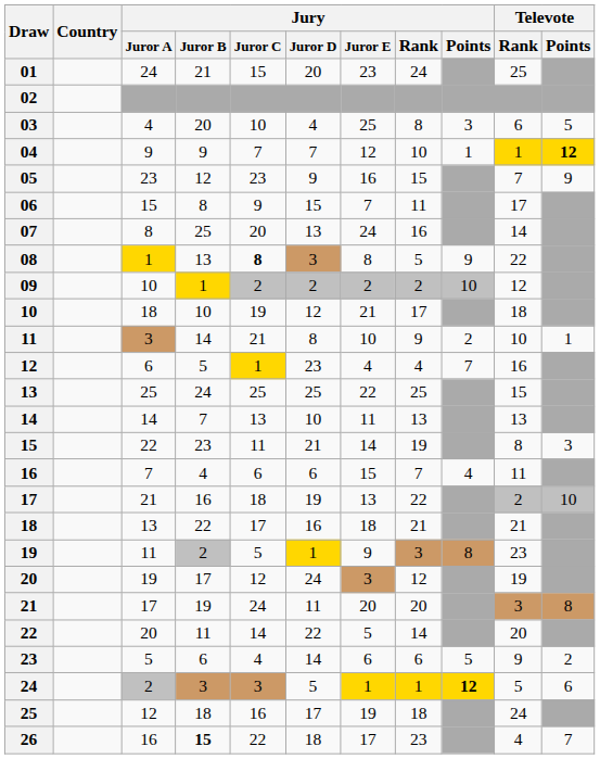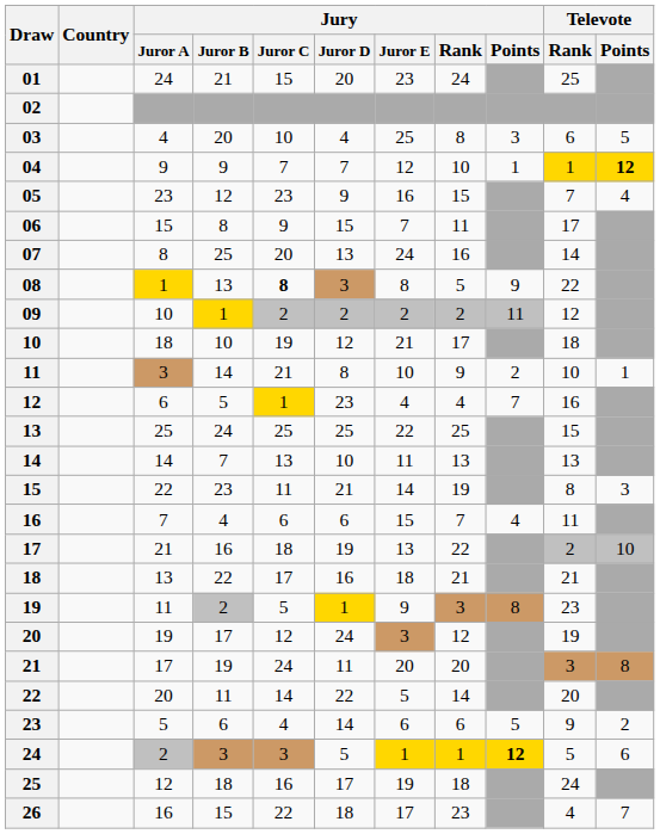 <table class="sortable wikitable collapsible plainrowheaders" style="text-align:center;">
 <tr>
 </tr>
 <tr>
 <th scope="col" rowspan="2">Draw</th>
 <th scope="col" rowspan="2">Country</th>
 <th scope="col" colspan="7">Jury</th>
 <th scope="col" colspan="2">Televote</th>
 </tr>
 <tr>
 <th scope="col"><small>Juror A</small></th>
 <th scope="col"><small>Juror B</small></th>
 <th scope="col"><small>Juror C</small></th>
 <th scope="col"><small>Juror D</small></th>
 <th scope="col"><small>Juror E</small></th>
 <th scope="col">Rank</th>
 <th scope="col" class="unsortable">Points</th>
 <th scope="col">Rank</th>
 <th scope="col" class="unsortable">Points</th>
 </tr>
 <tr>
 <th scope="row" style="text-align:center;">01</th>
 <td style="text-align:left;"></td>
 <td>24</td>
 <td>21</td>
 <td>15</td>
 <td>20</td>
 <td>23</td>
 <td>24</td>
 <td style="background:#AAAAAA;"></td>
 <td>25</td>
 <td style="background:#AAAAAA;"></td>
 </tr>
 <tr class=sortbottom>
 <th scope="row" style="text-align:center;">02</th>
 <td style="text-align:left;"></td>
 <td style="background:#AAAAAA;"></td>
 <td style="background:#AAAAAA;"></td>
 <td style="background:#AAAAAA;"></td>
 <td style="background:#AAAAAA;"></td>
 <td style="background:#AAAAAA;"></td>
 <td style="background:#AAAAAA;"></td>
 <td style="background:#AAAAAA;"></td>
 <td style="background:#AAAAAA;"></td>
 <td style="background:#AAAAAA;"></td>
 </tr>
 <tr>
 <th scope="row" style="text-align:center;">03</th>
 <td style="text-align:left;"></td>
 <td>4</td>
 <td>20</td>
 <td>10</td>
 <td>4</td>
 <td>25</td>
 <td>8</td>
 <td>3</td>
 <td>6</td>
 <td>5</td>
 </tr>
 <tr>
 <th scope="row" style="text-align:center;">04</th>
 <td style="text-align:left;"></td>
 <td>9</td>
 <td>9</td>
 <td>7</td>
 <td>7</td>
 <td>12</td>
 <td>10</td>
 <td>1</td>
 <td style="background:gold;">1</td>
 <td style="background:gold;"><strong>12</strong></td>
 </tr>
 <tr>
 <th scope="row" style="text-align:center;">05</th>
 <td style="text-align:left;"></td>
 <td>23</td>
 <td>12</td>
 <td>23</td>
 <td>9</td>
 <td>16</td>
 <td>15</td>
 <td style="background:#AAAAAA;"></td>
 <td>7</td>
-<td>9</td>
+<td>4</td>
 </tr>
 <tr>
 <th scope="row" style="text-align:center;">06</th>
 <td style="text-align:left;"></td>
 <td>15</td>
 <td>8</td>
 <td>9</td>
 <td>15</td>
 <td>7</td>
 <td>11</td>
 <td style="background:#AAAAAA;"></td>
 <td>17</td>
 <td style="background:#AAAAAA;"></td>
 </tr>
 <tr>
 <th scope="row" style="text-align:center;">07</th>
 <td style="text-align:left;"></td>
 <td>8</td>
 <td>25</td>
 <td>20</td>
 <td>13</td>
 <td>24</td>
 <td>16</td>
 <td style="background:#AAAAAA;"></td>
 <td>14</td>
 <td style="background:#AAAAAA;"></td>
 </tr>
 <tr>
 <th scope="row" style="text-align:center;">08</th>
 <td style="text-align:left;"></td>
 <td style="background:gold;">1</td>
 <td>13</td>
 <td><strong>8</strong></td>
 <td style="background:#CC9966;">3</td>
 <td>8</td>
 <td>5</td>
 <td>9</td>
 <td>22</td>
 <td style="background:#AAAAAA;"></td>
 </tr>
 <tr>
 <th scope="row" style="text-align:center;">09</th>
 <td style="text-align:left;"></td>
 <td>10</td>
 <td style="background:gold;">1</td>
 <td style="background:silver;">2</td>
 <td style="background:silver;">2</td>
 <td style="background:silver;">2</td>
 <td style="background:silver;">2</td>
-<td style="background:silver;">10</td>
+<td style="background:silver;">11</td>
 <td>12</td>
 <td style="background:#AAAAAA;"></td>
 </tr>
 <tr>
 <th scope="row" style="text-align:center;">10</th>
 <td style="text-align:left;"></td>
 <td>18</td>
 <td>10</td>
 <td>19</td>
 <td>12</td>
 <td>21</td>
 <td>17</td>
 <td style="background:#AAAAAA;"></td>
 <td>18</td>
 <td style="background:#AAAAAA;"></td>
 </tr>
 <tr>
 <th scope="row" style="text-align:center;">11</th>
 <td style="text-align:left;"></td>
 <td style="background:#CC9966;">3</td>
 <td>14</td>
 <td>21</td>
 <td>8</td>
 <td>10</td>
 <td>9</td>
 <td>2</td>
 <td>10</td>
 <td>1</td>
 </tr>
 <tr>
 <th scope="row" style="text-align:center;">12</th>
 <td style="text-align:left;"></td>
 <td>6</td>
 <td>5</td>
 <td style="background:gold;">1</td>
 <td>23</td>
 <td>4</td>
 <td>4</td>
 <td>7</td>
 <td>16</td>
 <td style="background:#AAAAAA;"></td>
 </tr>
 <tr>
 <th scope="row" style="text-align:center;">13</th>
 <td style="text-align:left;"></td>
 <td>25</td>
 <td>24</td>
 <td>25</td>
 <td>25</td>
 <td>22</td>
 <td>25</td>
 <td style="background:#AAAAAA;"></td>
 <td>15</td>
 <td style="background:#AAAAAA;"></td>
 </tr>
 <tr>
 <th scope="row" style="text-align:center;">14</th>
 <td style="text-align:left;"></td>
 <td>14</td>
 <td>7</td>
 <td>13</td>
 <td>10</td>
 <td>11</td>
 <td>13</td>
 <td style="background:#AAAAAA;"></td>
 <td>13</td>
 <td style="background:#AAAAAA;"></td>
 </tr>
 <tr>
 <th scope="row" style="text-align:center;">15</th>
 <td style="text-align:left;"></td>
 <td>22</td>
 <td>23</td>
 <td>11</td>
 <td>21</td>
 <td>14</td>
 <td>19</td>
 <td style="background:#AAAAAA;"></td>
 <td>8</td>
 <td>3</td>
 </tr>
 <tr>
 <th scope="row" style="text-align:center;">16</th>
 <td style="text-align:left;"></td>
 <td>7</td>
 <td>4</td>
 <td>6</td>
 <td>6</td>
 <td>15</td>
 <td>7</td>
 <td>4</td>
 <td>11</td>
 <td style="background:#AAAAAA;"></td>
 </tr>
 <tr>
 <th scope="row" style="text-align:center;">17</th>
 <td style="text-align:left;"></td>
 <td>21</td>
 <td>16</td>
 <td>18</td>
 <td>19</td>
 <td>13</td>
 <td>22</td>
 <td style="background:#AAAAAA;"></td>
 <td style="background:silver;">2</td>
 <td style="background:silver;">10</td>
 </tr>
 <tr>
 <th scope="row" style="text-align:center;">18</th>
 <td style="text-align:left;"></td>
 <td>13</td>
 <td>22</td>
 <td>17</td>
 <td>16</td>
 <td>18</td>
 <td>21</td>
 <td style="background:#AAAAAA;"></td>
 <td>21</td>
 <td style="background:#AAAAAA;"></td>
 </tr>
 <tr>
 <th scope="row" style="text-align:center;">19</th>
 <td style="text-align:left;"></td>
 <td>11</td>
 <td style="background:silver;">2</td>
 <td>5</td>
 <td style="background:gold;">1</td>
 <td>9</td>
 <td style="background:#CC9966;">3</td>
 <td style="background:#CC9966;">8</td>
 <td>23</td>
 <td style="background:#AAAAAA;"></td>
 </tr>
 <tr>
 <th scope="row" style="text-align:center;">20</th>
 <td style="text-align:left;"></td>
 <td>19</td>
 <td>17</td>
 <td>12</td>
 <td>24</td>
 <td style="background:#CC9966;">3</td>
 <td>12</td>
 <td style="background:#AAAAAA;"></td>
 <td>19</td>
 <td style="background:#AAAAAA;"></td>
 </tr>
 <tr>
 <th scope="row" style="text-align:center;">21</th>
 <td style="text-align:left;"></td>
 <td>17</td>
 <td>19</td>
 <td>24</td>
 <td>11</td>
 <td>20</td>
 <td>20</td>
 <td style="background:#AAAAAA;"></td>
 <td style="background:#CC9966;">3</td>
 <td style="background:#CC9966;">8</td>
 </tr>
 <tr>
 <th scope="row" style="text-align:center;">22</th>
 <td style="text-align:left;"></td>
 <td>20</td>
 <td>11</td>
 <td>14</td>
 <td>22</td>
 <td>5</td>
 <td>14</td>
 <td style="background:#AAAAAA;"></td>
 <td>20</td>
 <td style="background:#AAAAAA;"></td>
 </tr>
 <tr>
 <th scope="row" style="text-align:center;">23</th>
 <td style="text-align:left;"></td>
 <td>5</td>
 <td>6</td>
 <td>4</td>
 <td>14</td>
 <td>6</td>
 <td>6</td>
 <td>5</td>
 <td>9</td>
 <td>2</td>
 </tr>
 <tr>
 <th scope="row" style="text-align:center;">24</th>
 <td style="text-align:left;"></td>
 <td style="background:silver;">2</td>
 <td style="background:#CC9966;">3</td>
 <td style="background:#CC9966;">3</td>
 <td>5</td>
 <td style="background:gold;">1</td>
 <td style="background:gold;">1</td>
 <td style="background:gold;"><strong>12</strong></td>
 <td>5</td>
 <td>6</td>
 </tr>
 <tr>
 <th scope="row" style="text-align:center;">25</th>
 <td style="text-align:left;"></td>
 <td>12</td>
 <td>18</td>
 <td>16</td>
 <td>17</td>
 <td>19</td>
 <td>18</td>
 <td style="background:#AAAAAA;"></td>
 <td>24</td>
 <td style="background:#AAAAAA;"></td>
 </tr>
 <tr>
 <th scope="row" style="text-align:center;">26</th>
 <td style="text-align:left;"></td>
 <td>16</td>
-<td><strong>15</strong></td>
+<td>15</td>
 <td>22</td>
 <td>18</td>
 <td>17</td>
 <td>23</td>
 <td style="background:#AAAAAA;"></td>
 <td>4</td>
 <td>7</td>
 </tr>
 </table>
